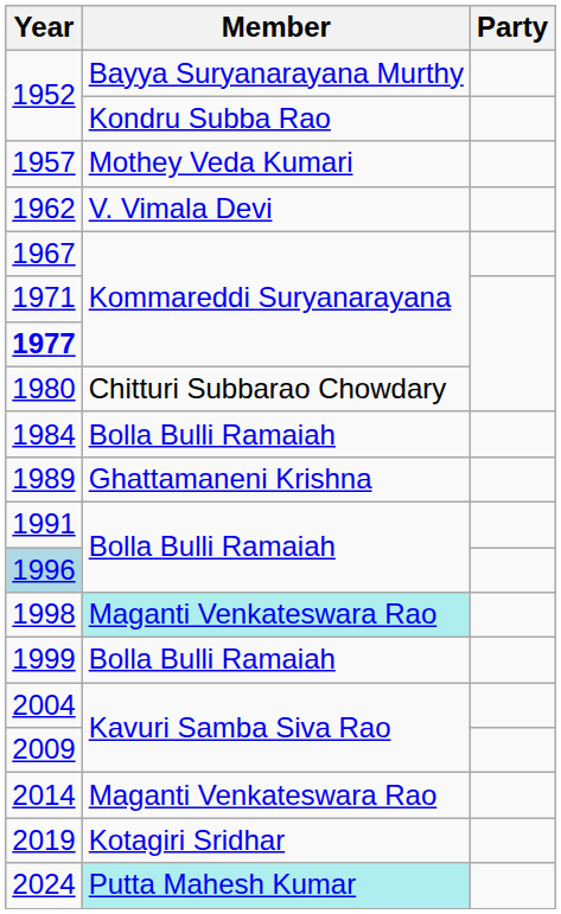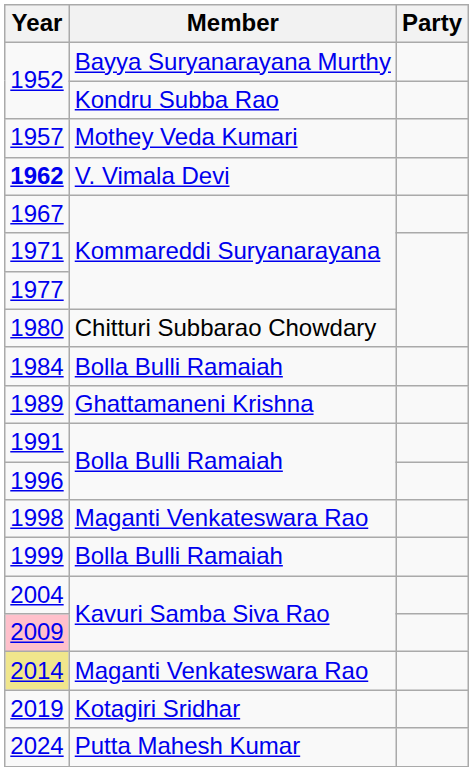 <table class="wikitable sortable">
 <tr>
 <th>Year</th>
 <th>Member</th>
 <th colspan=2>Party</th>
 </tr>
 <tr>
 <td rowspan="2"><a href='#'>1952</a></td>
 <td><a href='#'>Bayya Suryanarayana Murthy</a></td>
 <td></td>
 </tr>
 <tr>
 <td><a href='#'>Kondru Subba Rao</a></td>
 </tr>
 <tr>
 <td><a href='#'>1957</a></td>
 <td><a href='#'>Mothey Veda Kumari</a></td>
 <td></td>
 </tr>
 <tr>
-<td><a href='#'>1962</a></td>
+<td><strong><a href='#'>1962</a></strong></td>
 <td><a href='#'>V. Vimala Devi</a></td>
 <td></td>
 </tr>
 <tr>
 <td><a href='#'>1967</a></td>
 <td rowspan=3><a href='#'>Kommareddi Suryanarayana</a></td>
 <td></td>
 </tr>
 <tr>
 <td><a href='#'>1971</a></td>
 </tr>
 <tr>
-<td><strong><a href='#'>1977</a></strong></td>
+<td><a href='#'>1977</a></td>
 </tr>
 <tr>
 <td><a href='#'>1980</a></td>
 <td>Chitturi Subbarao Chowdary</td>
 </tr>
 <tr>
 <td><a href='#'>1984</a></td>
 <td><a href='#'>Bolla Bulli Ramaiah</a></td>
 <td></td>
 </tr>
 <tr>
 <td><a href='#'>1989</a></td>
 <td><a href='#'>Ghattamaneni Krishna</a></td>
 <td></td>
 </tr>
 <tr>
 <td><a href='#'>1991</a></td>
 <td rowspan="2"><a href='#'>Bolla Bulli Ramaiah</a></td>
 <td></td>
 </tr>
 <tr>
-<td style="background: lightblue;"><a href='#'>1996</a></td>
+<td><a href='#'>1996</a></td>
 </tr>
 <tr>
 <td><a href='#'>1998</a></td>
-<td style="background: paleturquoise;"><a href='#'>Maganti Venkateswara Rao</a></td>
+<td><a href='#'>Maganti Venkateswara Rao</a></td>
 <td></td>
 </tr>
 <tr>
 <td><a href='#'>1999</a></td>
 <td><a href='#'>Bolla Bulli Ramaiah</a></td>
 <td></td>
 </tr>
 <tr>
 <td><a href='#'>2004</a></td>
 <td rowspan="2"><a href='#'>Kavuri Samba Siva Rao</a></td>
 <td></td>
 </tr>
 <tr>
-<td><a href='#'>2009</a></td>
+<td style="background: pink;"><a href='#'>2009</a></td>
 </tr>
 <tr>
-<td><a href='#'>2014</a></td>
+<td style="background: khaki;"><a href='#'>2014</a></td>
 <td><a href='#'>Maganti Venkateswara Rao</a></td>
 <td></td>
 </tr>
 <tr>
 <td><a href='#'>2019</a></td>
 <td><a href='#'>Kotagiri Sridhar</a></td>
 <td></td>
 </tr>
 <tr>
 <td><a href='#'>2024</a></td>
-<td style="background: paleturquoise;"><a href='#'>Putta Mahesh Kumar</a></td>
+<td><a href='#'>Putta Mahesh Kumar</a></td>
 <td></td>
 </tr>
 </table>
